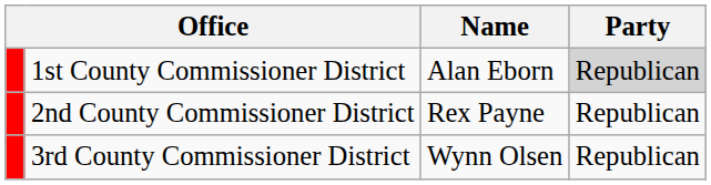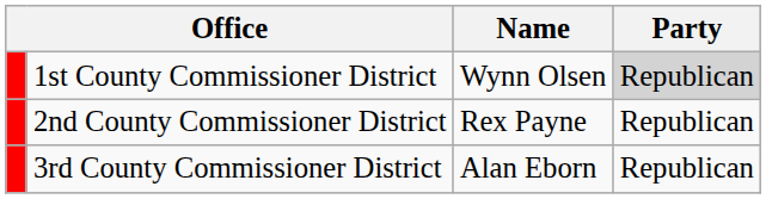 <table class="wikitable">
 <tr>
 <th colspan="2">Office</th>
 <th>Name</th>
 <th>Party</th>
 </tr>
 <tr>
 <td bgcolor="red"> </td>
 <td>1st County Commissioner District</td>
-<td>Alan Eborn</td>
+<td>Wynn Olsen</td>
 <td style="background: lightgrey;">Republican</td>
 </tr>
 <tr>
 <td bgcolor="red"> </td>
 <td>2nd County Commissioner District</td>
 <td>Rex Payne</td>
 <td>Republican</td>
 </tr>
 <tr>
 <td bgcolor="red"> </td>
 <td>3rd County Commissioner District</td>
-<td>Wynn Olsen</td>
+<td>Alan Eborn</td>
 <td>Republican</td>
 </tr>
 </table>
